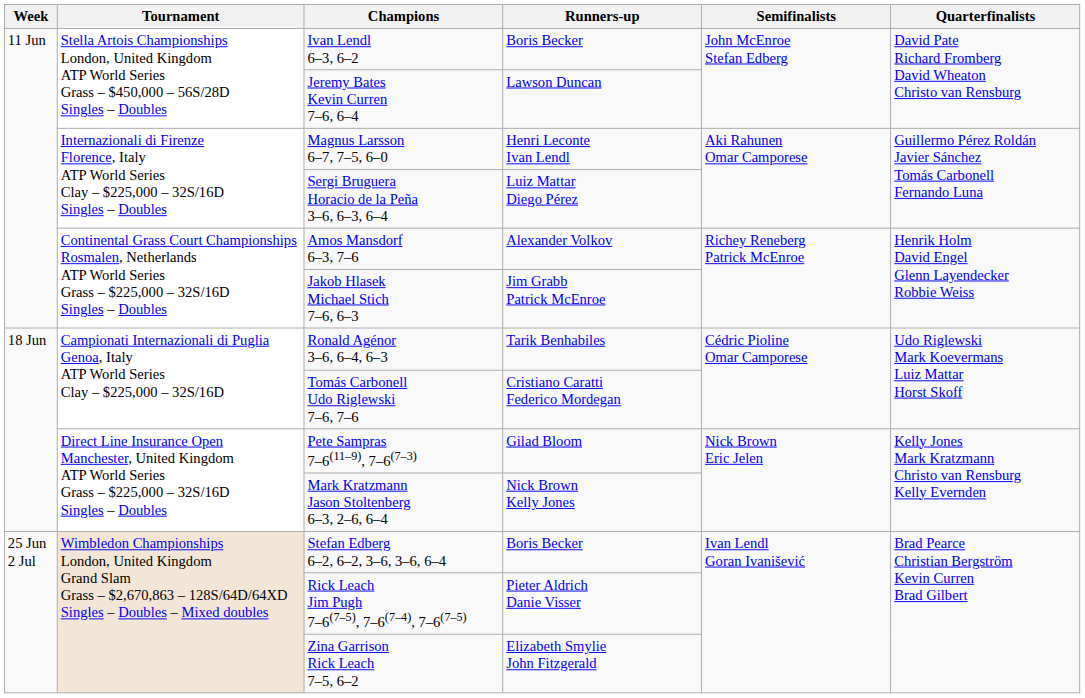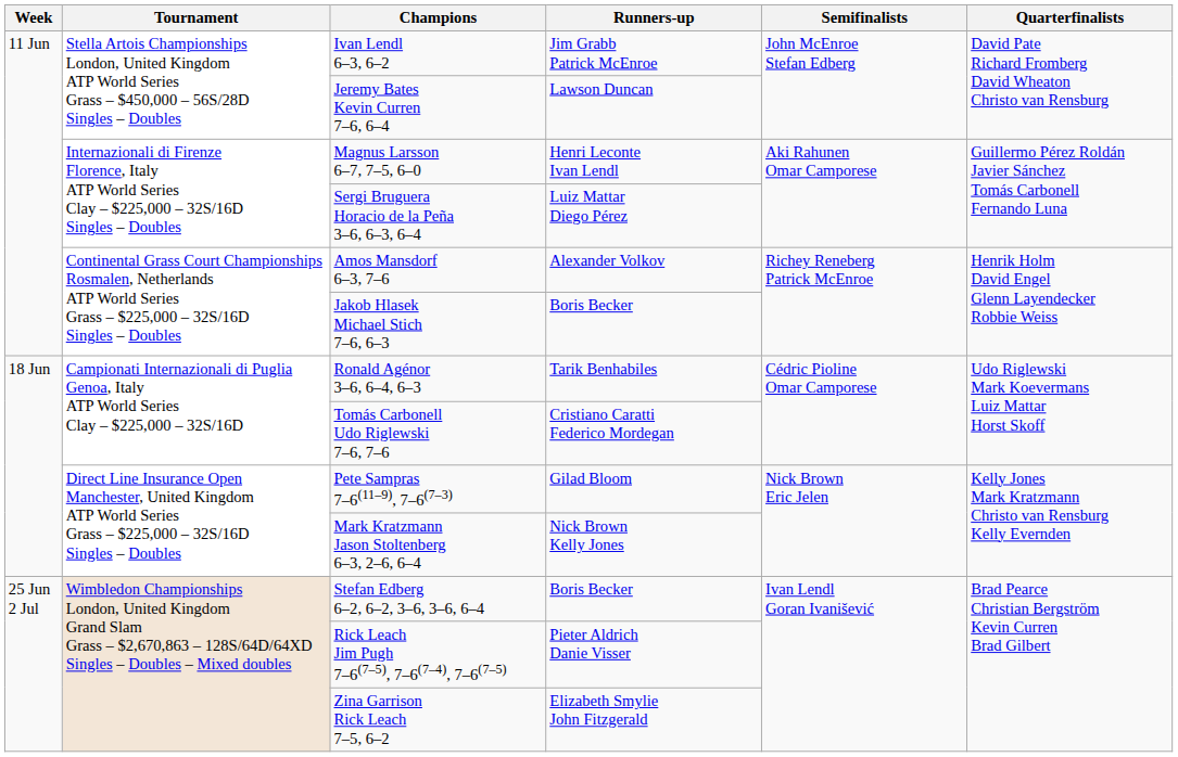 <table class=wikitable style=font-size:95%>
 <tr>
 <th style="width:48px;">Week</th>
 <th style="width:250px;">Tournament</th>
 <th style="width:200px;">Champions</th>
 <th style="width:200px;">Runners-up</th>
 <th style="width:190px;">Semifinalists</th>
 <th style="width:190px;">Quarterfinalists</th>
 </tr>
 <tr valign=top>
 <td rowspan=6>11 Jun</td>
 <td style="background:#FFF;" rowspan=2><a href='#'>Stella Artois Championships</a> <br> London, United Kingdom <br> ATP World Series <br> Grass – $450,000 – 56S/28D <br> <a href='#'>Singles</a> – <a href='#'>Doubles</a></td>
 <td> <a href='#'>Ivan Lendl</a> <br> 6–3, 6–2</td>
-<td> <a href='#'>Boris Becker</a></td>
+<td> <a href='#'>Jim Grabb</a> <br>  <a href='#'>Patrick McEnroe</a></td>
 <td rowspan=2> <a href='#'>John McEnroe</a> <br>  <a href='#'>Stefan Edberg</a></td>
 <td rowspan=2> <a href='#'>David Pate</a> <br>  <a href='#'>Richard Fromberg</a> <br>  <a href='#'>David Wheaton</a> <br>  <a href='#'>Christo van Rensburg</a></td>
 </tr>
 <tr valign=top>
 <td> <a href='#'>Jeremy Bates</a> <br>  <a href='#'>Kevin Curren</a> <br> 7–6, 6–4</td>
 <td> <a href='#'>Lawson Duncan</a></td>
 </tr>
 <tr valign=top>
 <td style="background:#FFF;" rowspan=2><a href='#'>Internazionali di Firenze</a> <br> <a href='#'>Florence</a>, Italy <br>  ATP World Series <br> Clay – $225,000 – 32S/16D <br> <a href='#'>Singles</a> – <a href='#'>Doubles</a></td>
 <td> <a href='#'>Magnus Larsson</a> <br> 6–7, 7–5, 6–0</td>
 <td> <a href='#'>Henri Leconte</a> <br>  <a href='#'>Ivan Lendl</a></td>
 <td rowspan=2> <a href='#'>Aki Rahunen</a> <br>  <a href='#'>Omar Camporese</a></td>
 <td rowspan=2> <a href='#'>Guillermo Pérez Roldán</a> <br>  <a href='#'>Javier Sánchez</a> <br>  <a href='#'>Tomás Carbonell</a> <br>  <a href='#'>Fernando Luna</a></td>
 </tr>
 <tr valign=top>
 <td> <a href='#'>Sergi Bruguera</a> <br>  <a href='#'>Horacio de la Peña</a> <br> 3–6, 6–3, 6–4</td>
 <td> <a href='#'>Luiz Mattar</a> <br>  <a href='#'>Diego Pérez</a></td>
 </tr>
 <tr valign=top>
 <td style="background:#FFF;" rowspan=2><a href='#'>Continental Grass Court Championships</a> <br> <a href='#'>Rosmalen</a>, Netherlands <br> ATP World Series <br> Grass – $225,000 – 32S/16D <br> <a href='#'>Singles</a> – <a href='#'>Doubles</a></td>
 <td> <a href='#'>Amos Mansdorf</a> <br> 6–3, 7–6</td>
 <td> <a href='#'>Alexander Volkov</a></td>
 <td rowspan=2> <a href='#'>Richey Reneberg</a> <br>  <a href='#'>Patrick McEnroe</a></td>
 <td rowspan=2> <a href='#'>Henrik Holm</a> <br>  <a href='#'>David Engel</a> <br>  <a href='#'>Glenn Layendecker</a> <br>  <a href='#'>Robbie Weiss</a></td>
 </tr>
 <tr valign=top>
 <td> <a href='#'>Jakob Hlasek</a> <br>  <a href='#'>Michael Stich</a> <br> 7–6, 6–3</td>
-<td> <a href='#'>Jim Grabb</a> <br>  <a href='#'>Patrick McEnroe</a></td>
+<td> <a href='#'>Boris Becker</a></td>
 </tr>
 <tr valign=top>
 <td rowspan=4>18 Jun</td>
 <td style="background:#FFF;" rowspan=2><a href='#'>Campionati Internazionali di Puglia</a> <br> <a href='#'>Genoa</a>, Italy <br> ATP World Series <br> Clay – $225,000 – 32S/16D</td>
 <td> <a href='#'>Ronald Agénor</a> <br> 3–6, 6–4, 6–3</td>
 <td> <a href='#'>Tarik Benhabiles</a></td>
 <td rowspan=2> <a href='#'>Cédric Pioline</a> <br>  <a href='#'>Omar Camporese</a></td>
 <td rowspan=2> <a href='#'>Udo Riglewski</a> <br>  <a href='#'>Mark Koevermans</a> <br>  <a href='#'>Luiz Mattar</a> <br>  <a href='#'>Horst Skoff</a></td>
 </tr>
 <tr valign=top>
 <td> <a href='#'>Tomás Carbonell</a> <br>  <a href='#'>Udo Riglewski</a> <br> 7–6, 7–6</td>
 <td> <a href='#'>Cristiano Caratti</a> <br>  <a href='#'>Federico Mordegan</a></td>
 </tr>
 <tr valign=top>
 <td style="background:#FFF;" rowspan=2><a href='#'>Direct Line Insurance Open</a> <br> <a href='#'>Manchester</a>, United Kingdom <br> ATP World Series <br> Grass – $225,000 – 32S/16D <br> <a href='#'>Singles</a> – <a href='#'>Doubles</a></td>
 <td> <a href='#'>Pete Sampras</a> <br> 7–6<sup>(11–9)</sup>, 7–6<sup>(7–3)</sup></td>
 <td> <a href='#'>Gilad Bloom</a></td>
 <td rowspan=2> <a href='#'>Nick Brown</a> <br>  <a href='#'>Eric Jelen</a></td>
 <td rowspan=2> <a href='#'>Kelly Jones</a> <br>  <a href='#'>Mark Kratzmann</a> <br>  <a href='#'>Christo van Rensburg</a> <br>  <a href='#'>Kelly Evernden</a></td>
 </tr>
 <tr valign=top>
 <td> <a href='#'>Mark Kratzmann</a> <br>  <a href='#'>Jason Stoltenberg</a> <br> 6–3, 2–6, 6–4</td>
 <td> <a href='#'>Nick Brown</a> <br>  <a href='#'>Kelly Jones</a></td>
 </tr>
 <tr valign=top>
 <td rowspan=3>25 Jun <br> 2 Jul</td>
 <td style="background:#F3E6D7;" rowspan=3><a href='#'>Wimbledon Championships</a> <br> London, United Kingdom <br> Grand Slam <br> Grass – $2,670,863 – 128S/64D/64XD <br> <a href='#'>Singles</a> – <a href='#'>Doubles</a> – <a href='#'>Mixed doubles</a></td>
 <td> <a href='#'>Stefan Edberg</a> <br> 6–2, 6–2, 3–6, 3–6, 6–4</td>
 <td> <a href='#'>Boris Becker</a></td>
 <td rowspan=3> <a href='#'>Ivan Lendl</a> <br>  <a href='#'>Goran Ivanišević</a></td>
 <td rowspan=3> <a href='#'>Brad Pearce</a> <br>  <a href='#'>Christian Bergström</a> <br>  <a href='#'>Kevin Curren</a> <br>  <a href='#'>Brad Gilbert</a></td>
 </tr>
 <tr valign=top>
 <td> <a href='#'>Rick Leach</a> <br>  <a href='#'>Jim Pugh</a> <br> 7–6<sup>(7–5)</sup>, 7–6<sup>(7–4)</sup>, 7–6<sup>(7–5)</sup></td>
 <td> <a href='#'>Pieter Aldrich</a> <br>  <a href='#'>Danie Visser</a></td>
 </tr>
 <tr valign=top>
 <td> <a href='#'>Zina Garrison</a> <br>  <a href='#'>Rick Leach</a> <br> 7–5, 6–2</td>
 <td> <a href='#'>Elizabeth Smylie</a> <br>  <a href='#'>John Fitzgerald</a></td>
 </tr>
 </table>
